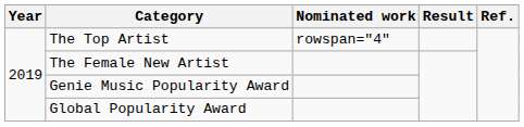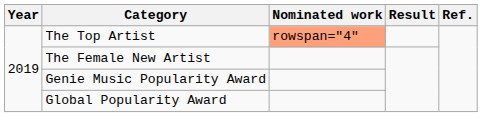 <table class="wikitable sortable">
 <tr>
 <th>Year</th>
 <th>Category</th>
 <th>Nominated work</th>
 <th>Result</th>
 <th>Ref.</th>
 </tr>
 <tr>
 <td rowspan="4">2019</td>
 <td>The Top Artist</td>
-<td>rowspan="4" </td>
+<td style="background: lightsalmon;">rowspan="4" </td>
 <td></td>
 <td rowspan="4"></td>
 </tr>
 <tr>
 <td>The Female New Artist</td>
 <td></td>
 </tr>
 <tr>
 <td>Genie Music Popularity Award</td>
 <td></td>
 </tr>
 <tr>
 <td>Global Popularity Award</td>
 <td></td>
 </tr>
 </table>
